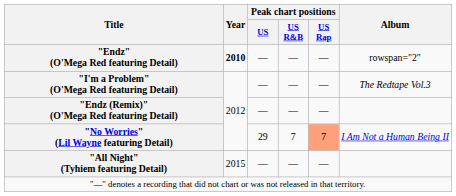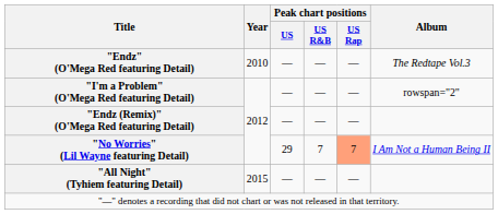 <table class="wikitable sortable plainrowheaders" style="text-align:center;">
 <tr>
 <th scope="col" rowspan="2" style="width:22em;">Title</th>
 <th scope="col" rowspan="2">Year</th>
 <th scope="col" colspan="3">Peak chart positions</th>
 <th scope="col" rowspan="2">Album</th>
 </tr>
 <tr>
 <th scope="col" style="width:3em;font-size:90%;"><a href='#'>US</a><br></th>
 <th scope="col" style="width:3em;font-size:90%;"><a href='#'>US R&B</a><br></th>
 <th scope="col" style="width:3em;font-size:90%;"><a href='#'>US Rap</a><br></th>
 </tr>
 <tr>
 <th scope="row">"Endz"<br><span>(O'Mega Red featuring Detail)</span></th>
-<td><strong>2010</strong></td>
+<td>2010</td>
 <td>—</td>
 <td>—</td>
 <td>—</td>
-<td>rowspan="2" </td>
+<td><em>The Redtape Vol.3</em></td>
 </tr>
 <tr>
 <th scope="row">"I'm a Problem"<br><span>(O'Mega Red featuring Detail)</span></th>
 <td rowspan="3">2012</td>
 <td>—</td>
 <td>—</td>
 <td>—</td>
-<td><em>The Redtape Vol.3</em></td>
+<td>rowspan="2" </td>
 </tr>
 <tr>
 <th scope="row">"Endz (Remix)"<br><span>(O'Mega Red featuring Detail)</span></th>
 <td>—</td>
 <td>—</td>
 <td>—</td>
 </tr>
 <tr>
 <th scope="row">"<a href='#'>No Worries</a>"<br><span>(<a href='#'>Lil Wayne</a> featuring Detail)</span></th>
 <td>29</td>
 <td>7</td>
 <td style="background: lightsalmon;">7</td>
 <td><em><a href='#'>I Am Not a Human Being II</a></em></td>
 </tr>
 <tr>
 <th scope="row">"All Night"<br><span>(Tyhiem featuring Detail)</span></th>
 <td>2015</td>
 <td>—</td>
 <td>—</td>
 <td>—</td>
 <td></td>
 </tr>
 <tr>
 <td colspan="6" style="font-size:90%">"—" denotes a recording that did not chart or was not released in that territory.</td>
 </tr>
 </table>
